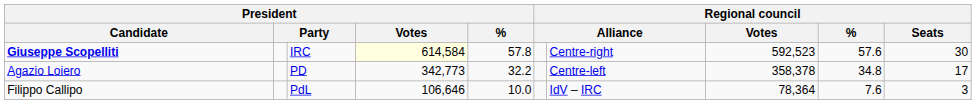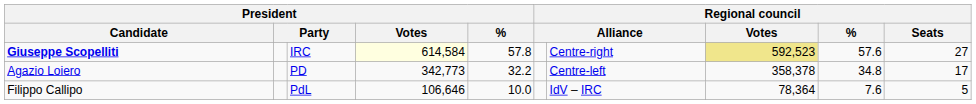 <table class="wikitable" style="text-align:right; style="width=65%">
 <tr>
 <th colspan="5">President</th>
 <th colspan="7">Regional council</th>
 </tr>
 <tr>
 <th>Candidate</th>
 <th colspan="2">Party</th>
 <th>Votes</th>
 <th>%</th>
 <th colspan="2">Alliance</th>
 <th>Votes</th>
 <th>%</th>
 <th>Seats</th>
 </tr>
 <tr>
 <td style="text-align:left"><strong><a href='#'>Giuseppe Scopelliti</a></strong></td>
 <td></td>
 <td style="text-align:left"><a href='#'>IRC</a></td>
 <td style="background: lightyellow;">614,584</td>
 <td>57.8</td>
 <td></td>
 <td style="text-align:left"><a href='#'>Centre-right</a></td>
-<td>592,523</td>
+<td style="background: khaki;">592,523</td>
 <td>57.6</td>
-<td>30</td>
+<td>27</td>
 </tr>
 <tr>
 <td style="text-align:left"><a href='#'>Agazio Loiero</a></td>
 <td></td>
 <td style="text-align:left"><a href='#'>PD</a></td>
 <td>342,773</td>
 <td>32.2</td>
 <td></td>
 <td style="text-align:left"><a href='#'>Centre-left</a></td>
 <td>358,378</td>
 <td>34.8</td>
 <td>17</td>
 </tr>
 <tr>
 <td style="text-align:left">Filippo Callipo</td>
 <td></td>
 <td style="text-align:left"><a href='#'>PdL</a></td>
 <td>106,646</td>
 <td>10.0</td>
 <td></td>
 <td style="text-align:left"><a href='#'>IdV</a> – <a href='#'>IRC</a></td>
 <td>78,364</td>
 <td>7.6</td>
-<td>3</td>
+<td>5</td>
 </tr>
 </table>
